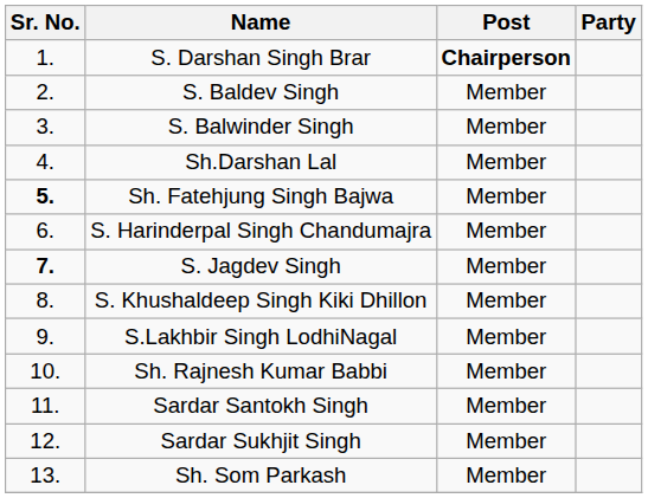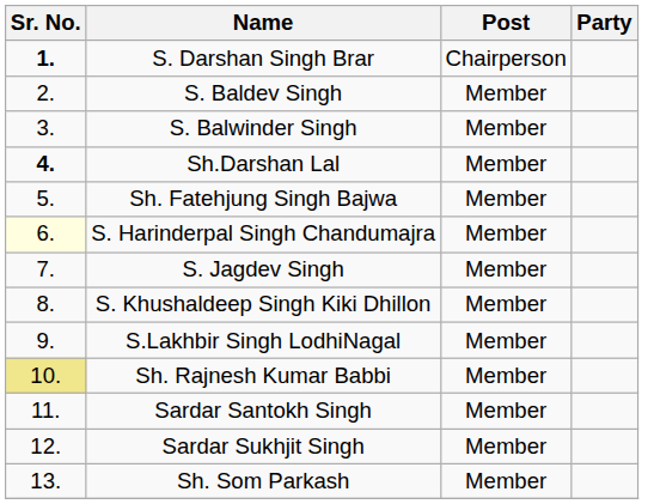 <table class="wikitable sortable">
 <tr>
 <th>Sr. No.</th>
 <th>Name</th>
 <th>Post</th>
 <th colspan="2">Party</th>
 </tr>
 <tr align="center">
-<td>1.</td>
+<td><strong>1.</strong></td>
 <td>S. Darshan Singh Brar</td>
-<td><strong>Chairperson</strong></td>
+<td>Chairperson</td>
 <td></td>
 </tr>
 <tr align="center">
 <td>2.</td>
 <td>S. Baldev Singh</td>
 <td>Member</td>
 <td></td>
 </tr>
 <tr align="center">
 <td>3.</td>
 <td>S. Balwinder Singh</td>
 <td>Member</td>
 <td></td>
 </tr>
 <tr align="center">
-<td>4.</td>
+<td><strong>4.</strong></td>
 <td>Sh.Darshan Lal</td>
 <td>Member</td>
 <td></td>
 </tr>
 <tr align="center">
-<td><strong>5.</strong></td>
+<td>5.</td>
 <td>Sh. Fatehjung Singh Bajwa</td>
 <td>Member</td>
 <td></td>
 </tr>
 <tr align="center">
-<td>6.</td>
+<td style="background: lightyellow;">6.</td>
 <td>S. Harinderpal Singh Chandumajra</td>
 <td>Member</td>
 <td></td>
 </tr>
 <tr align="center">
-<td><strong>7.</strong></td>
+<td>7.</td>
 <td>S. Jagdev Singh</td>
 <td>Member</td>
 <td></td>
 </tr>
 <tr align="center">
 <td>8.</td>
 <td>S. Khushaldeep Singh Kiki Dhillon</td>
 <td>Member</td>
 <td></td>
 </tr>
 <tr align="center">
 <td>9.</td>
 <td>S.Lakhbir Singh LodhiNagal</td>
 <td>Member</td>
 <td></td>
 </tr>
 <tr align="center">
-<td>10.</td>
+<td style="background: khaki;">10.</td>
 <td>Sh. Rajnesh Kumar Babbi</td>
 <td>Member</td>
 <td></td>
 </tr>
 <tr align="center">
 <td>11.</td>
 <td>Sardar Santokh Singh</td>
 <td>Member</td>
 <td></td>
 </tr>
 <tr align="center">
 <td>12.</td>
 <td>Sardar Sukhjit Singh</td>
 <td>Member</td>
 <td></td>
 </tr>
 <tr align="center">
 <td>13.</td>
 <td>Sh. Som Parkash</td>
 <td>Member</td>
 <td></td>
 </tr>
 <tr align="center">
 </tr>
 </table>
